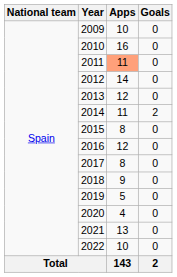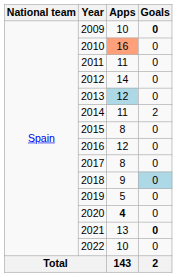 <table class=wikitable style="text-align: center;">
 <tr>
 <th>National team</th>
 <th>Year</th>
 <th>Apps</th>
 <th>Goals</th>
 </tr>
 <tr>
 <td rowspan="14"><a href='#'>Spain</a></td>
 <td>2009</td>
 <td>10</td>
-<td>0</td>
+<td><strong>0</strong></td>
 </tr>
 <tr>
 <td>2010</td>
-<td>16</td>
+<td style="background: lightsalmon;">16</td>
 <td>0</td>
 </tr>
 <tr>
 <td>2011</td>
-<td style="background: lightsalmon;">11</td>
+<td>11</td>
 <td>0</td>
 </tr>
 <tr>
 <td>2012</td>
 <td>14</td>
 <td>0</td>
 </tr>
 <tr>
 <td>2013</td>
-<td>12</td>
+<td style="background: lightblue;">12</td>
 <td>0</td>
 </tr>
 <tr>
 <td>2014</td>
 <td>11</td>
 <td>2</td>
 </tr>
 <tr>
 <td>2015</td>
 <td>8</td>
 <td>0</td>
 </tr>
 <tr>
 <td>2016</td>
 <td>12</td>
 <td>0</td>
 </tr>
 <tr>
 <td>2017</td>
 <td>8</td>
 <td>0</td>
 </tr>
 <tr>
 <td>2018</td>
 <td>9</td>
-<td>0</td>
+<td style="background: lightblue;">0</td>
 </tr>
 <tr>
 <td>2019</td>
 <td>5</td>
 <td>0</td>
 </tr>
 <tr>
 <td>2020</td>
-<td>4</td>
+<td><strong>4</strong></td>
 <td>0</td>
 </tr>
 <tr>
 <td>2021</td>
 <td>13</td>
-<td>0</td>
+<td><strong>0</strong></td>
 </tr>
 <tr>
 <td>2022</td>
 <td>10</td>
 <td>0</td>
 </tr>
 <tr>
 <th colspan="2">Total</th>
 <th>143</th>
 <th>2</th>
 </tr>
 </table>
